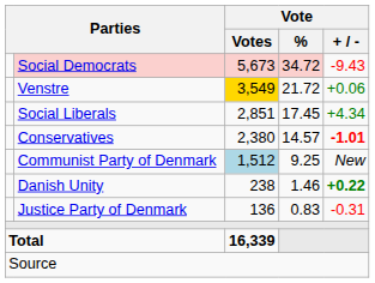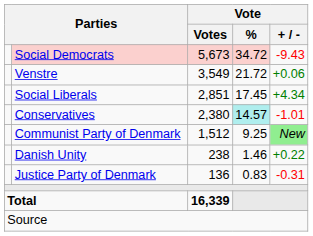 <table class="wikitable" style="text-align:right;">
 <tr>
 <th style="text-align:centre;" rowspan="2" colspan="2" width="225">Parties</th>
 <th colspan="3">Vote</th>
 </tr>
 <tr>
 <th width="15">Votes</th>
 <th width="15">%</th>
 <th width="15">+ / -</th>
 </tr>
 <tr>
 <td width="2" style="color:inherit;background:"></td>
 <td bgcolor=#fbd0ce  align="left"><a href='#'>Social Democrats</a></td>
 <td bgcolor=#fbd0ce>5,673</td>
 <td bgcolor=#fbd0ce>34.72</td>
 <td style=color:red;>-9.43</td>
 </tr>
 <tr>
 <td width="2" style="color:inherit;background:"></td>
 <td align="left"><a href='#'>Venstre</a></td>
-<td style="background: gold;">3,549</td>
+<td>3,549</td>
 <td>21.72</td>
 <td style=color:green;>+0.06</td>
 </tr>
 <tr>
 <td width="2" style="color:inherit;background:"></td>
 <td align="left"><a href='#'>Social Liberals</a></td>
 <td>2,851</td>
 <td>17.45</td>
 <td style=color:green;>+4.34</td>
 </tr>
 <tr>
 <td width="2" style="color:inherit;background:"></td>
 <td align="left"><a href='#'>Conservatives</a></td>
 <td>2,380</td>
-<td>14.57</td>
-<td style=color:red;><strong>-1.01</strong></td>
+<td style="background: paleturquoise;">14.57</td>
+<td style=color:red;>-1.01</td>
 </tr>
 <tr>
 <td width="2" style="color:inherit;background:"></td>
 <td align="left"><a href='#'>Communist Party of Denmark</a></td>
-<td style="background: lightblue;">1,512</td>
+<td>1,512</td>
 <td>9.25</td>
-<td><em>New</em></td>
+<td style="background: lightgreen;"><em>New</em></td>
 </tr>
 <tr>
 <td width="2" style="color:inherit;background:"></td>
 <td align="left"><a href='#'>Danish Unity</a></td>
 <td>238</td>
 <td>1.46</td>
-<td style=color:green;><strong>+0.22</strong></td>
+<td style=color:green;>+0.22</td>
 </tr>
 <tr>
 <td width="2" style="color:inherit;background:"></td>
 <td align="left"><a href='#'>Justice Party of Denmark</a></td>
 <td>136</td>
 <td>0.83</td>
 <td style=color:red;>-0.31</td>
 </tr>
 <tr>
 <td colspan="7" bgcolor="#E9E9E9"></td>
 </tr>
 <tr>
 <td align="left" colspan="2"><strong>Total</strong></td>
 <td><strong>16,339</strong></td>
 <td bgcolor="#E9E9E9" colspan="2"></td>
 </tr>
 <tr>
 <td align="left" colspan="6">Source</td>
 </tr>
 </table>
